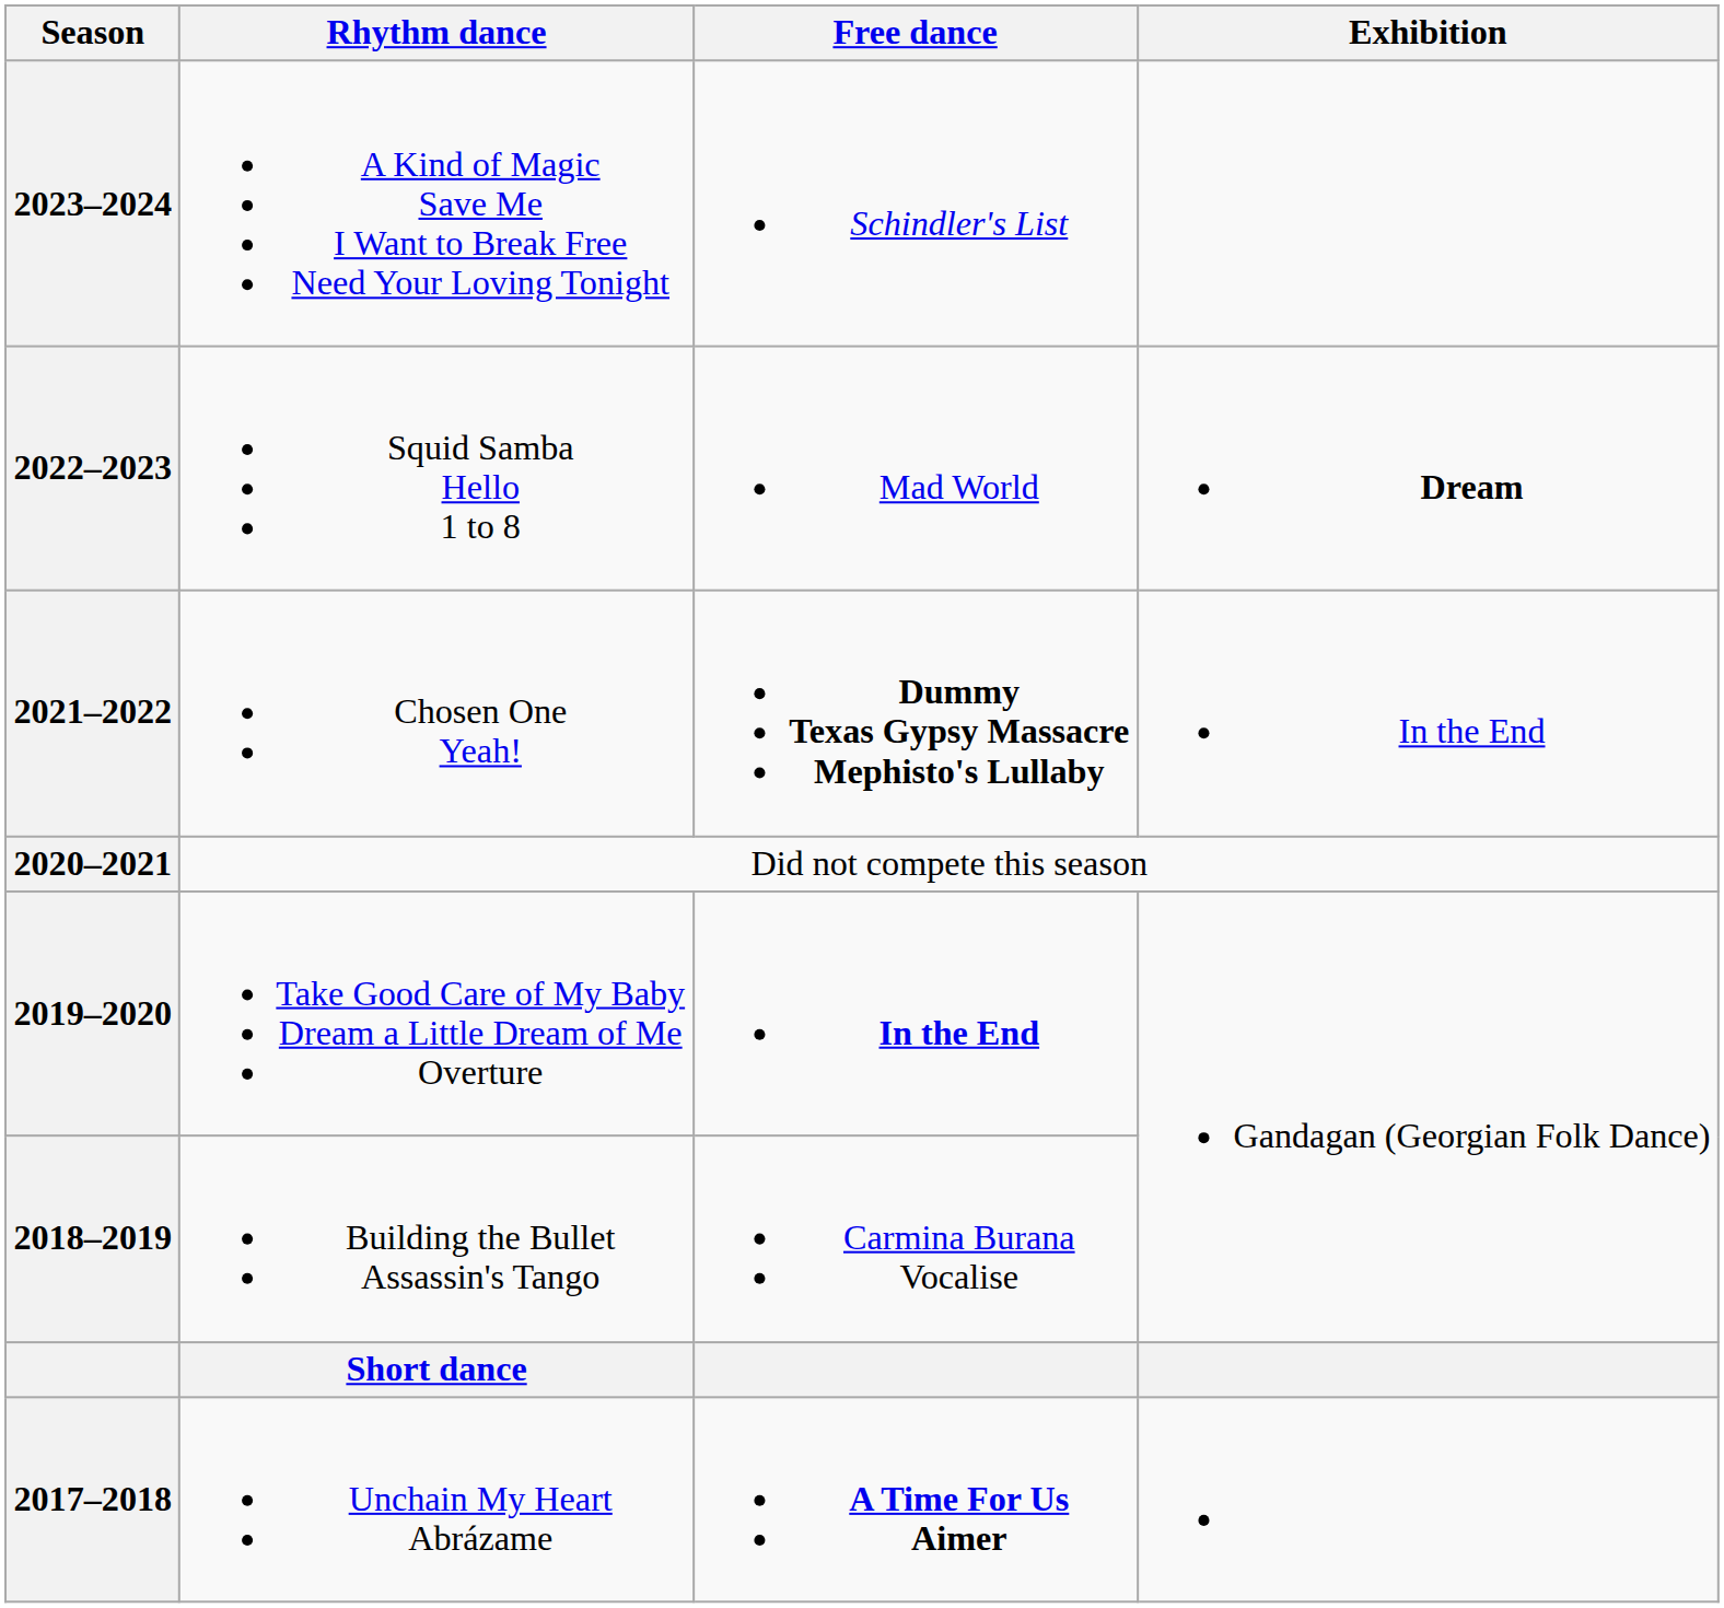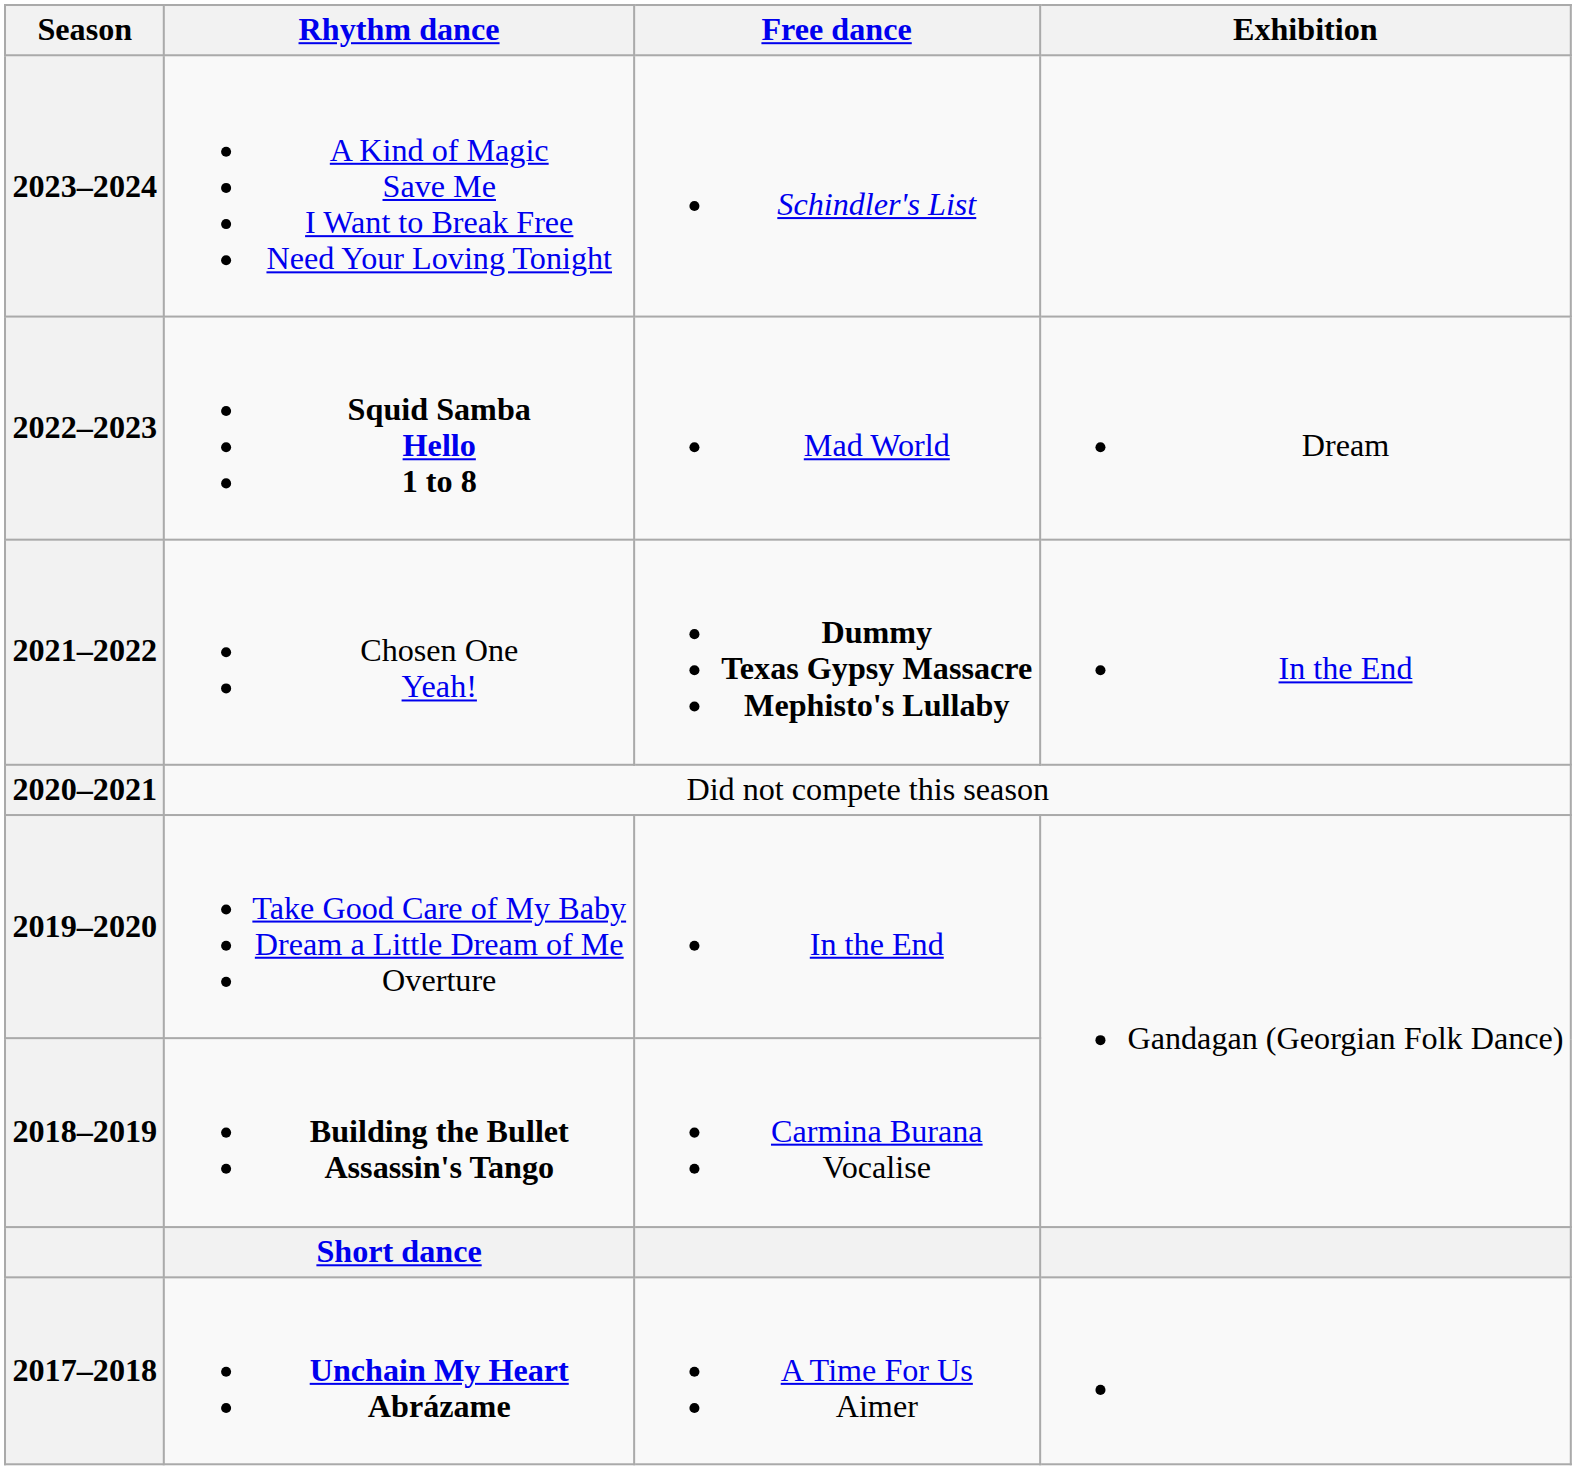 <table class=wikitable style=text-align:center>
 <tr>
 <th>Season</th>
 <th><a href='#'>Rhythm dance</a></th>
 <th><a href='#'>Free dance</a></th>
 <th>Exhibition</th>
 </tr>
 <tr>
 <th>2023–2024 <br> </th>
 <td><br><ul><li><a href='#'>A Kind of Magic</a></li><li><a href='#'>Save Me</a></li><li><a href='#'>I Want to Break Free</a></li><li><a href='#'>Need Your Loving Tonight</a> <br> </li></ul></td>
 <td><br><ul><li><em><a href='#'>Schindler's List</a></em> <br> </li></ul></td>
 <td></td>
 </tr>
 <tr>
 <th>2022–2023 <br> </th>
-<td><br><ul><li> Squid Samba <br> </li><li> <a href='#'>Hello</a> <br> </li><li> 1 to 8 <br> </li></ul></td>
+<td><strong><br><ul><li> Squid Samba <br> </li><li> <a href='#'>Hello</a> <br> </li><li> 1 to 8 <br> </li></ul></strong></td>
 <td><br><ul><li><a href='#'>Mad World</a> <br> </li></ul></td>
-<td><strong><br><ul><li>Dream <br></li></ul></strong></td>
+<td><br><ul><li>Dream <br></li></ul></td>
 </tr>
 <tr>
 <th>2021–2022 <br> </th>
 <td><br><ul><li> Chosen One <br> </li><li> <a href='#'>Yeah!</a> <br> </li></ul></td>
 <td><strong><br><ul><li>Dummy <br> </li><li>Texas Gypsy Massacre</li><li>Mephisto's Lullaby <br> </li></ul></strong></td>
 <td><br><ul><li><a href='#'>In the End</a> <br> </li></ul></td>
 </tr>
 <tr>
 <th>2020–2021</th>
 <td align=center colspan=3>Did not compete this season</td>
 </tr>
 <tr>
 <th>2019–2020 <br> </th>
 <td><br><ul><li> <a href='#'>Take Good Care of My Baby</a> <br> </li><li> <a href='#'>Dream a Little Dream of Me</a> <br> </li><li> Overture <br> </li></ul></td>
-<td><strong><br><ul><li><a href='#'>In the End</a> <br> </li></ul></strong></td>
+<td><br><ul><li><a href='#'>In the End</a> <br> </li></ul></td>
 <td rowspan=2><br><ul><li>Gandagan (Georgian Folk Dance) <br> </li></ul></td>
 </tr>
 <tr>
 <th>2018–2019 <br> </th>
-<td><br><ul><li> Building the Bullet <br></li><li> Assassin's Tango <br></li></ul></td>
+<td><strong><br><ul><li> Building the Bullet <br></li><li> Assassin's Tango <br></li></ul></strong></td>
 <td><br><ul><li><a href='#'>Carmina Burana</a> <br></li><li>Vocalise <br></li></ul></td>
 </tr>
 <tr>
 <th></th>
 <th><a href='#'>Short dance</a></th>
 <th></th>
 <th></th>
 </tr>
 <tr>
 <th>2017–2018 <br> </th>
-<td><br><ul><li> <a href='#'>Unchain My Heart</a> <br></li><li> Abrázame <br> </li></ul></td>
-<td><strong><br><ul><li><a href='#'>A Time For Us</a> <br></li><li>Aimer <br></li></ul></strong></td>
+<td><strong><br><ul><li> <a href='#'>Unchain My Heart</a> <br></li><li> Abrázame <br> </li></ul></strong></td>
+<td><br><ul><li><a href='#'>A Time For Us</a> <br></li><li>Aimer <br></li></ul></td>
 <td><br><ul><li></li></ul></td>
 </tr>
 </table>
